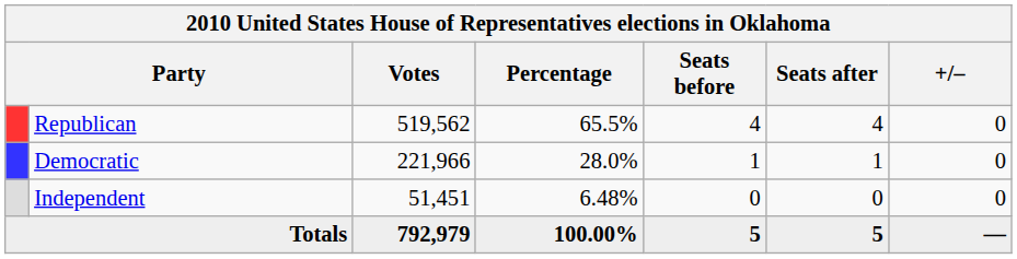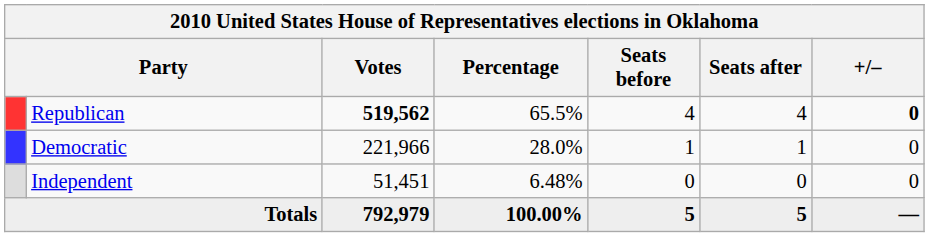 <table class="wikitable" style="font-size: 95%;">
 <tr>
 <th colspan="7">2010 United States House of Representatives elections in Oklahoma</th>
 </tr>
 <tr>
 <th colspan=2 style="width: 15em">Party</th>
 <th style="width: 5em">Votes</th>
 <th style="width: 7em">Percentage</th>
 <th style="width: 5em">Seats before</th>
 <th style="width: 5em">Seats after</th>
 <th style="width: 5em">+/–</th>
 </tr>
 <tr>
 <th style="background-color:#FF3333; width: 3px"></th>
 <td style="width: 130px"><a href='#'>Republican</a></td>
-<td align="right">519,562</td>
+<td align="right"><strong>519,562</strong></td>
 <td align="right">65.5%</td>
 <td align="right">4</td>
 <td align="right">4</td>
-<td align="right">0</td>
+<td align="right"><strong>0</strong></td>
 </tr>
 <tr>
 <th style="background-color:#3333FF; width: 3px"></th>
 <td style="width: 130px"><a href='#'>Democratic</a></td>
 <td align="right">221,966</td>
 <td align="right">28.0%</td>
 <td align="right">1</td>
 <td align="right">1</td>
 <td align="right">0</td>
 </tr>
 <tr>
 <th style="background-color:#DDDDDD; width: 3px"></th>
 <td style="width: 130px"><a href='#'>Independent</a></td>
 <td align="right">51,451</td>
 <td align="right">6.48%</td>
 <td align="right">0</td>
 <td align="right">0</td>
 <td align="right">0</td>
 </tr>
 <tr bgcolor="#EEEEEE">
 <td colspan="2" align="right"><strong>Totals</strong></td>
 <td align="right"><strong>792,979</strong></td>
 <td align="right"><strong>100.00%</strong></td>
 <td align="right"><strong>5</strong></td>
 <td align="right"><strong>5</strong></td>
 <td align="right"><strong>—</strong></td>
 </tr>
 </table>
